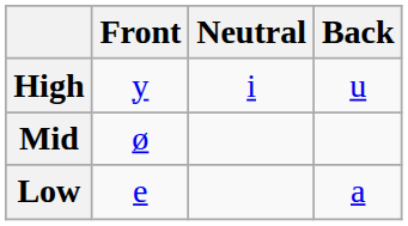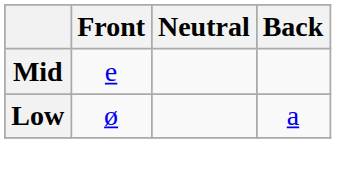 <table class="wikitable" style="text-align:center; display:inline-table">
 <tr>
 <th></th>
 <th>Front</th>
 <th>Neutral</th>
 <th>Back</th>
 </tr>
 <tr>
-<th>High</th>
-<td><a href='#'>y</a></td>
-<td><a href='#'>i</a></td>
-<td><a href='#'>u</a></td>
-</tr>
-<tr>
 <th>Mid</th>
-<td><a href='#'>ø</a></td>
+<td><a href='#'>e</a></td>
 <td></td>
 <td></td>
 </tr>
 <tr>
 <th>Low</th>
-<td><a href='#'>e</a></td>
+<td><a href='#'>ø</a></td>
 <td></td>
 <td><a href='#'>a</a></td>
 </tr>
 </table>
